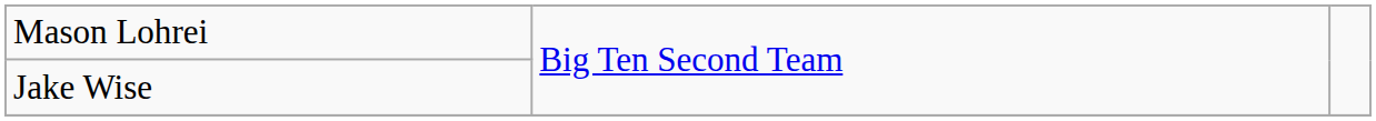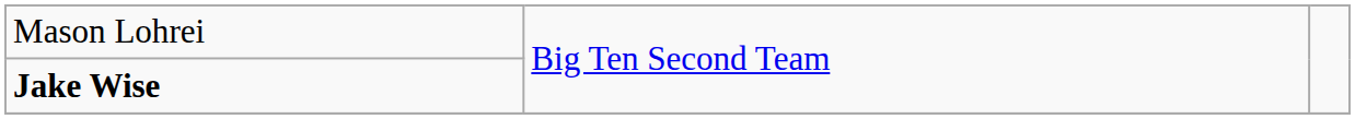 <table class="wikitable" width=40%>
 <tr>
 <td>Mason Lohrei</td>
 <td rowspan=2><a href='#'>Big Ten Second Team</a></td>
 <td rowspan=2></td>
 </tr>
 <tr>
-<td>Jake Wise</td>
+<td><strong>Jake Wise</strong></td>
 </tr>
 <tr>
 </tr>
 </table>
